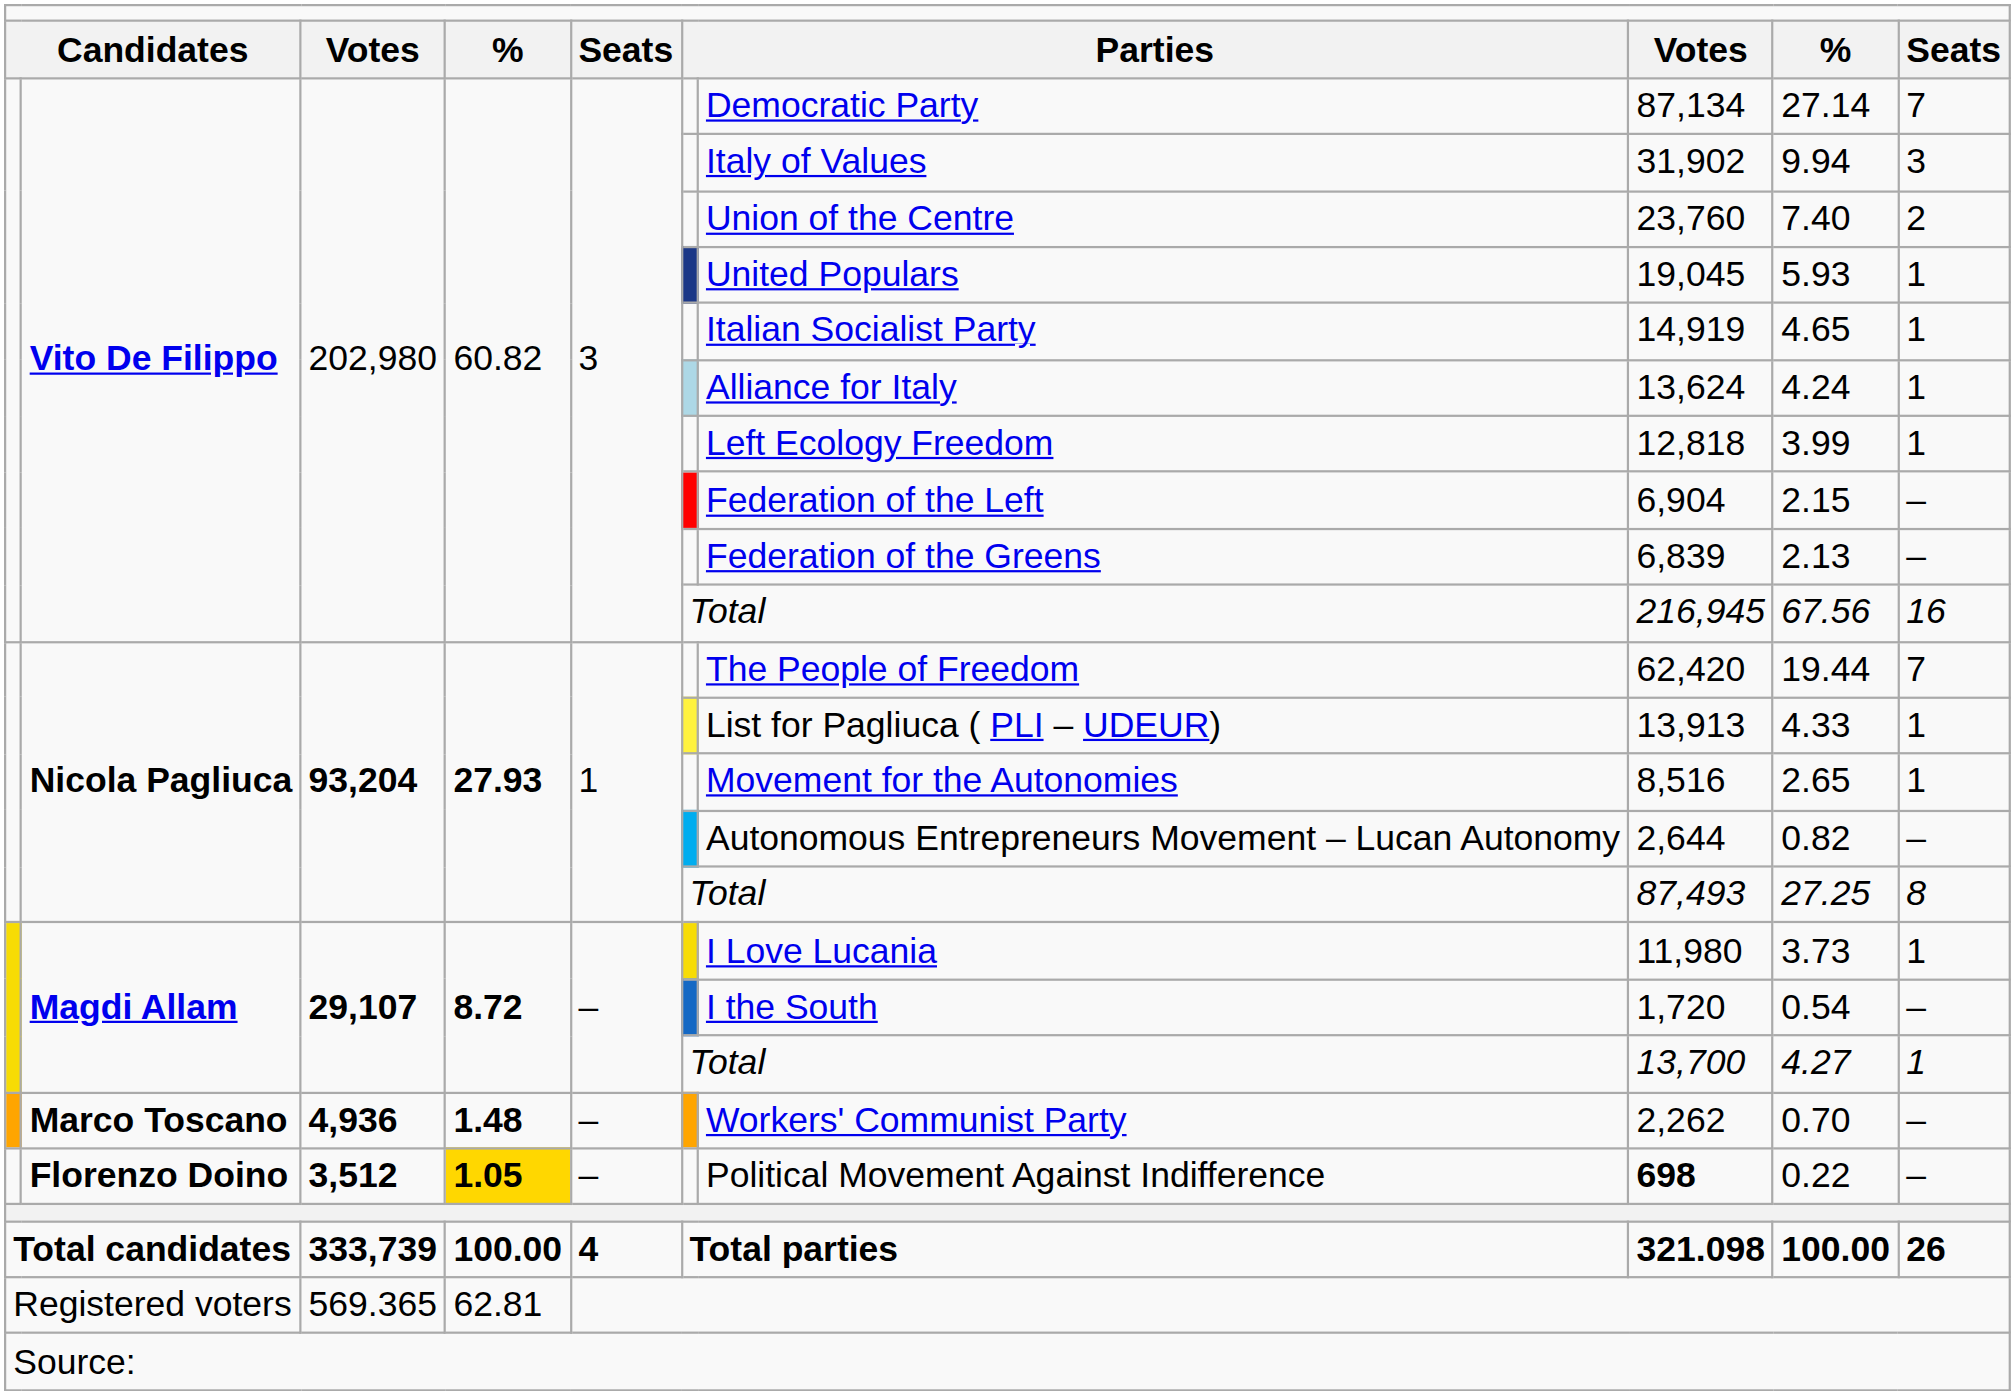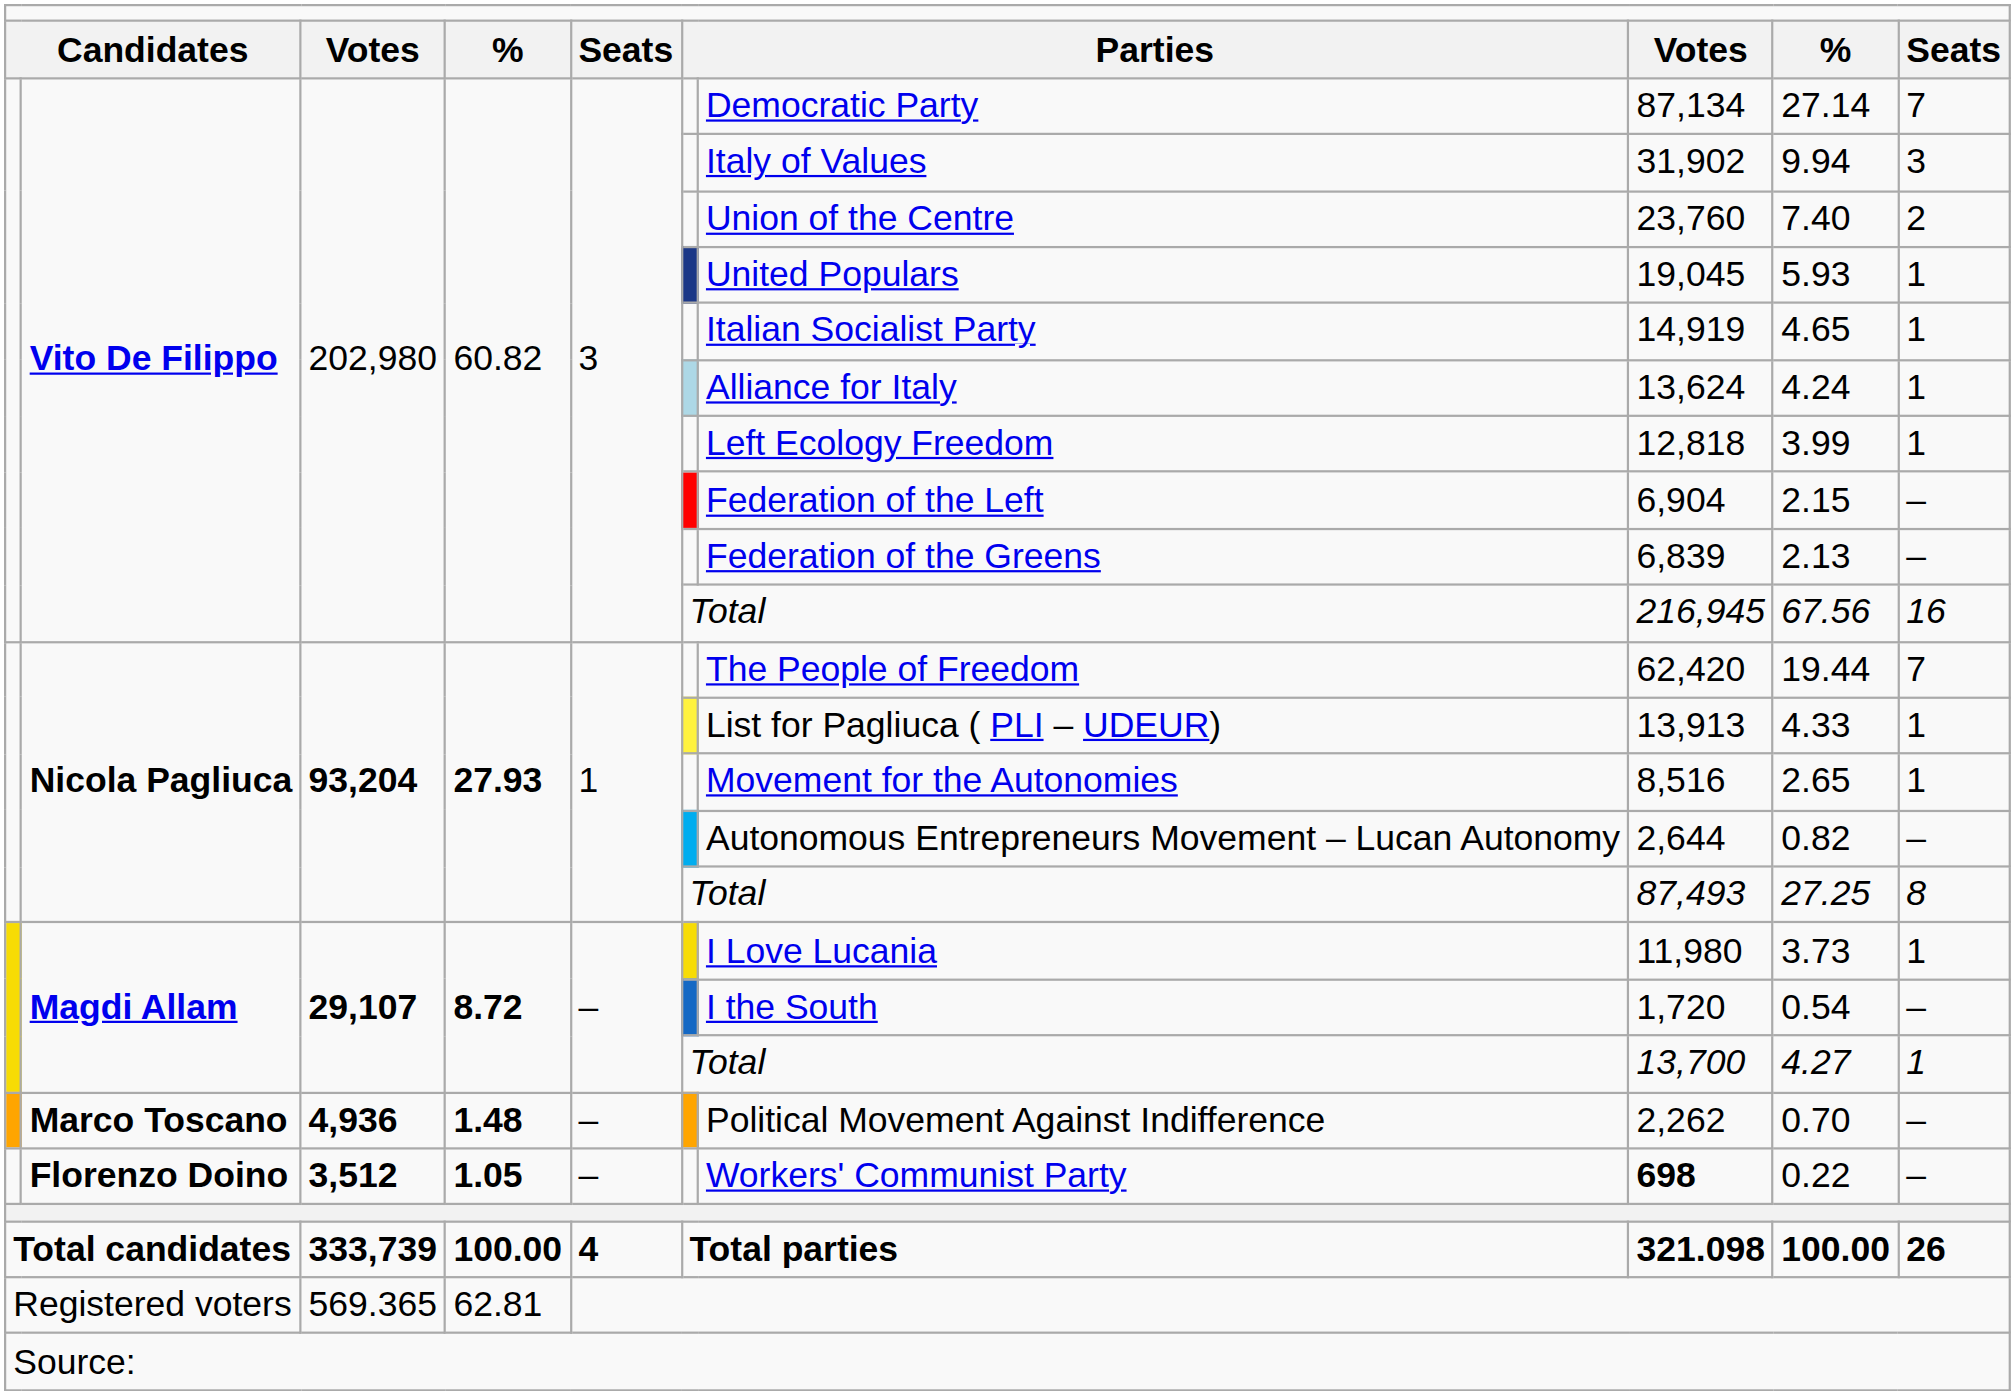 <table class="wikitable">
 <tr>
 <td colspan="10"></td>
 </tr>
 <tr>
 <th colspan="2">Candidates</th>
 <th>Votes</th>
 <th>%</th>
 <th>Seats</th>
 <th colspan="2">Parties</th>
 <th>Votes</th>
 <th>%</th>
 <th>Seats</th>
 </tr>
 <tr>
 <td rowspan="10"></td>
 <td rowspan="10"><strong><a href='#'>Vito De Filippo</a></strong></td>
 <td rowspan="10">202,980</td>
 <td rowspan="10">60.82</td>
 <td rowspan="10">3</td>
 <td></td>
 <td align="left"><a href='#'>Democratic Party</a></td>
 <td>87,134</td>
 <td>27.14</td>
 <td>7</td>
 </tr>
 <tr>
 <td></td>
 <td align="left"><a href='#'>Italy of Values</a></td>
 <td>31,902</td>
 <td>9.94</td>
 <td>3</td>
 </tr>
 <tr>
 <td></td>
 <td align="left"><a href='#'>Union of the Centre</a></td>
 <td>23,760</td>
 <td>7.40</td>
 <td>2</td>
 </tr>
 <tr>
 <td bgcolor="1C3887"></td>
 <td align="left"><a href='#'>United Populars</a></td>
 <td>19,045</td>
 <td>5.93</td>
 <td>1</td>
 </tr>
 <tr>
 <td></td>
 <td align="left"><a href='#'>Italian Socialist Party</a></td>
 <td>14,919</td>
 <td>4.65</td>
 <td>1</td>
 </tr>
 <tr>
 <td bgcolor="lightblue"></td>
 <td align="left"><a href='#'>Alliance for Italy</a></td>
 <td>13,624</td>
 <td>4.24</td>
 <td>1</td>
 </tr>
 <tr>
 <td></td>
 <td align="left"><a href='#'>Left Ecology Freedom</a></td>
 <td>12,818</td>
 <td>3.99</td>
 <td>1</td>
 </tr>
 <tr>
 <td bgcolor="red"></td>
 <td><a href='#'>Federation of the Left</a></td>
 <td>6,904</td>
 <td>2.15</td>
 <td>–</td>
 </tr>
 <tr>
 <td></td>
 <td align="left"><a href='#'>Federation of the Greens</a></td>
 <td>6,839</td>
 <td>2.13</td>
 <td>–</td>
 </tr>
 <tr>
 <td colspan="2" align="left"><em>Total</em></td>
 <td><em>216,945</em></td>
 <td><em>67.56</em></td>
 <td><em>16</em></td>
 </tr>
 <tr>
 <td rowspan="5"></td>
 <td rowspan="5" align="left"><strong>Nicola Pagliuca</strong></td>
 <td rowspan="5"><strong>93,204</strong></td>
 <td rowspan="5"><strong>27.93</strong></td>
 <td rowspan="5">1</td>
 <td></td>
 <td align="left"><a href='#'>The People of Freedom</a></td>
 <td>62,420</td>
 <td>19.44</td>
 <td>7</td>
 </tr>
 <tr>
 <td bgcolor="#FFF23D"></td>
 <td align="left">List for Pagliuca ( <a href='#'>PLI</a> – <a href='#'>UDEUR</a>)</td>
 <td>13,913</td>
 <td>4.33</td>
 <td>1</td>
 </tr>
 <tr>
 <td></td>
 <td><a href='#'>Movement for the Autonomies</a></td>
 <td>8,516</td>
 <td>2.65</td>
 <td>1</td>
 </tr>
 <tr>
 <td bgcolor="00ADEF"></td>
 <td align="left">Autonomous Entrepreneurs Movement – Lucan Autonomy</td>
 <td>2,644</td>
 <td>0.82</td>
 <td>–</td>
 </tr>
 <tr>
 <td colspan="2" align="left"><em>Total</em></td>
 <td><em>87,493</em></td>
 <td><em>27.25</em></td>
 <td><em>8</em></td>
 </tr>
 <tr>
 <td rowspan="3" bgcolor="F7DC04"></td>
 <td rowspan="3"><strong><a href='#'>Magdi Allam</a></strong></td>
 <td rowspan="3"><strong>29,107</strong></td>
 <td rowspan="3"><strong>8.72</strong></td>
 <td rowspan="3">–</td>
 <td bgcolor="F7DC04"></td>
 <td><a href='#'>I Love Lucania</a></td>
 <td>11,980</td>
 <td>3.73</td>
 <td>1</td>
 </tr>
 <tr>
 <td bgcolor="1468C4"></td>
 <td><a href='#'>I the South</a></td>
 <td>1,720</td>
 <td>0.54</td>
 <td>–</td>
 </tr>
 <tr>
 <td colspan="2"><em>Total</em></td>
 <td><em>13,700</em></td>
 <td><em>4.27</em></td>
 <td><em>1</em></td>
 </tr>
 <tr>
 <td bgcolor="orange"></td>
 <td align="left"><strong>Marco Toscano</strong></td>
 <td><strong>4,936</strong></td>
 <td><strong>1.48</strong></td>
 <td>–</td>
 <td bgcolor="orange"></td>
-<td align="left"><a href='#'>Workers' Communist Party</a></td>
+<td align="left">Political Movement Against Indifference</td>
 <td>2,262</td>
 <td>0.70</td>
 <td>–</td>
 </tr>
 <tr>
 <td></td>
 <td align="left"><strong>Florenzo Doino</strong></td>
 <td><strong>3,512</strong></td>
-<td style="background: gold;"><strong>1.05</strong></td>
+<td><strong>1.05</strong></td>
 <td>–</td>
 <td></td>
-<td align="left">Political Movement Against Indifference</td>
+<td align="left"><a href='#'>Workers' Communist Party</a></td>
 <td><strong>698</strong></td>
 <td>0.22</td>
 <td>–</td>
 </tr>
 <tr>
 <th colspan="10"></th>
 </tr>
 <tr>
 <td colspan="2" align="left"><strong>Total candidates</strong></td>
 <td><strong>333,739</strong></td>
 <td><strong>100.00</strong></td>
 <td><strong>4</strong></td>
 <td colspan="2" align="left"><strong>Total parties</strong></td>
 <td><strong>321.098</strong></td>
 <td><strong>100.00</strong></td>
 <td><strong>26</strong></td>
 </tr>
 <tr>
 <td colspan="2" align="left">Registered voters</td>
 <td>569.365</td>
 <td>62.81</td>
 <td colspan="6"></td>
 </tr>
 <tr>
 <td colspan="11" align="left">Source: </td>
 </tr>
 </table>
